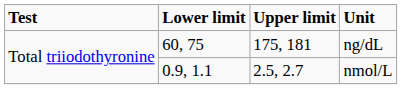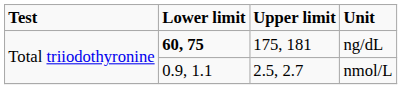 <table class="wikitable">
 <tr>
 <td><strong>Test</strong></td>
 <td><strong>Lower limit</strong></td>
 <td><strong>Upper limit</strong></td>
 <td><strong>Unit</strong></td>
 </tr>
 <tr>
 <td rowspan=2>Total <a href='#'>triiodothyronine</a></td>
-<td>60, 75</td>
+<td><strong>60, 75</strong></td>
 <td>175, 181</td>
 <td>ng/dL</td>
 </tr>
 <tr>
 <td>0.9, 1.1</td>
 <td>2.5, 2.7</td>
 <td>nmol/L</td>
 </tr>
 <tr>
 </tr>
 </table>
